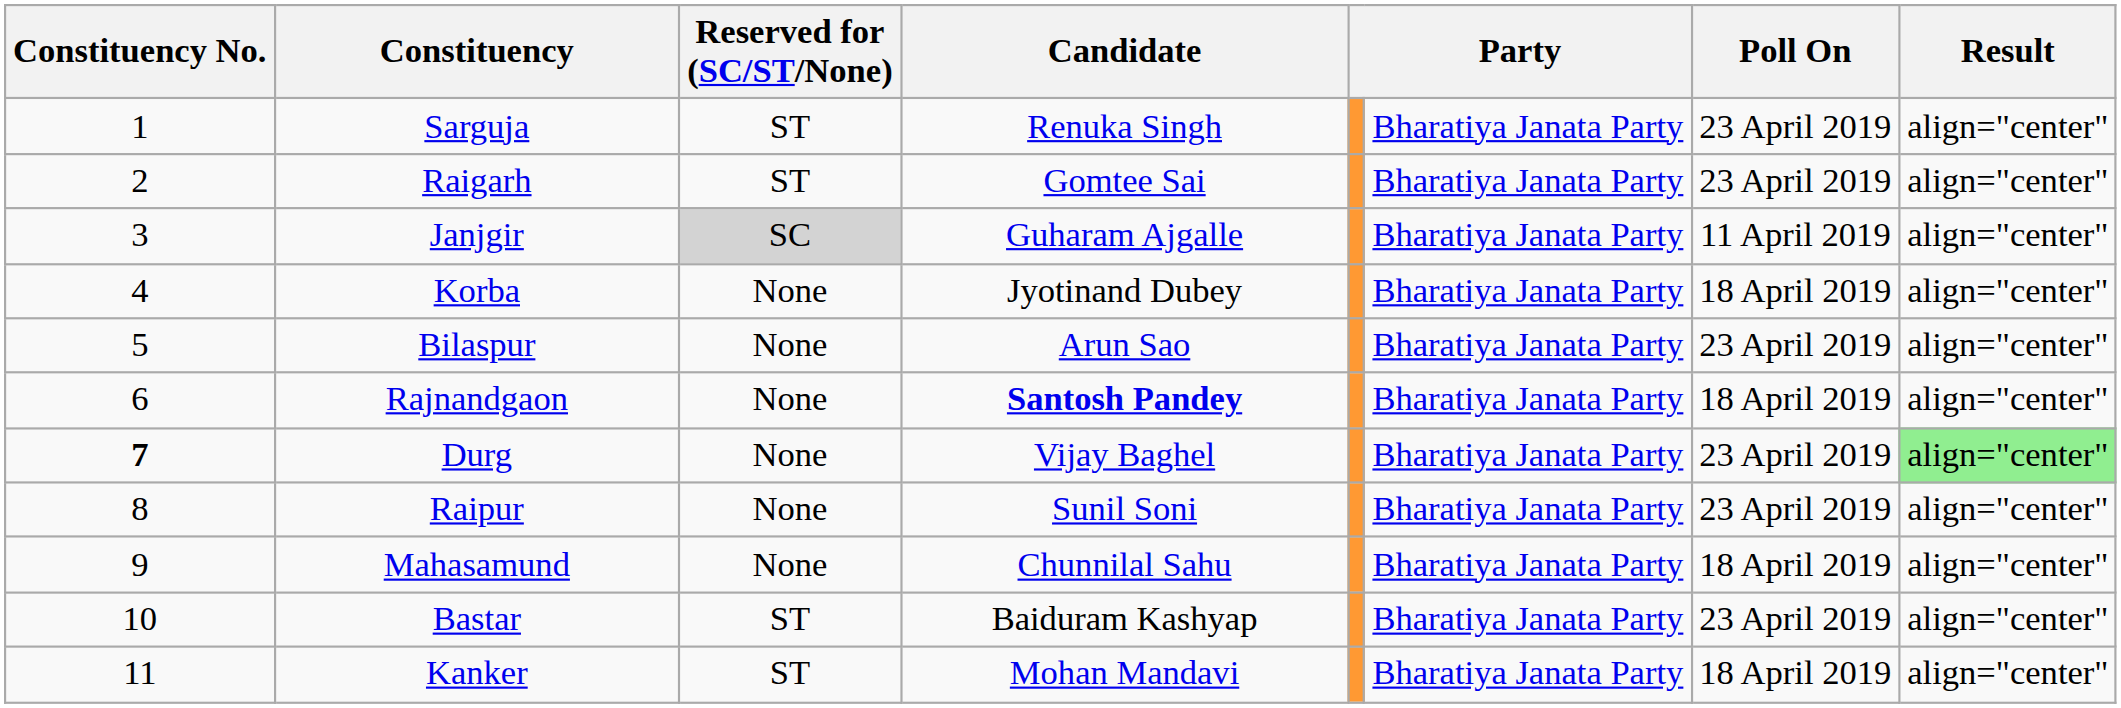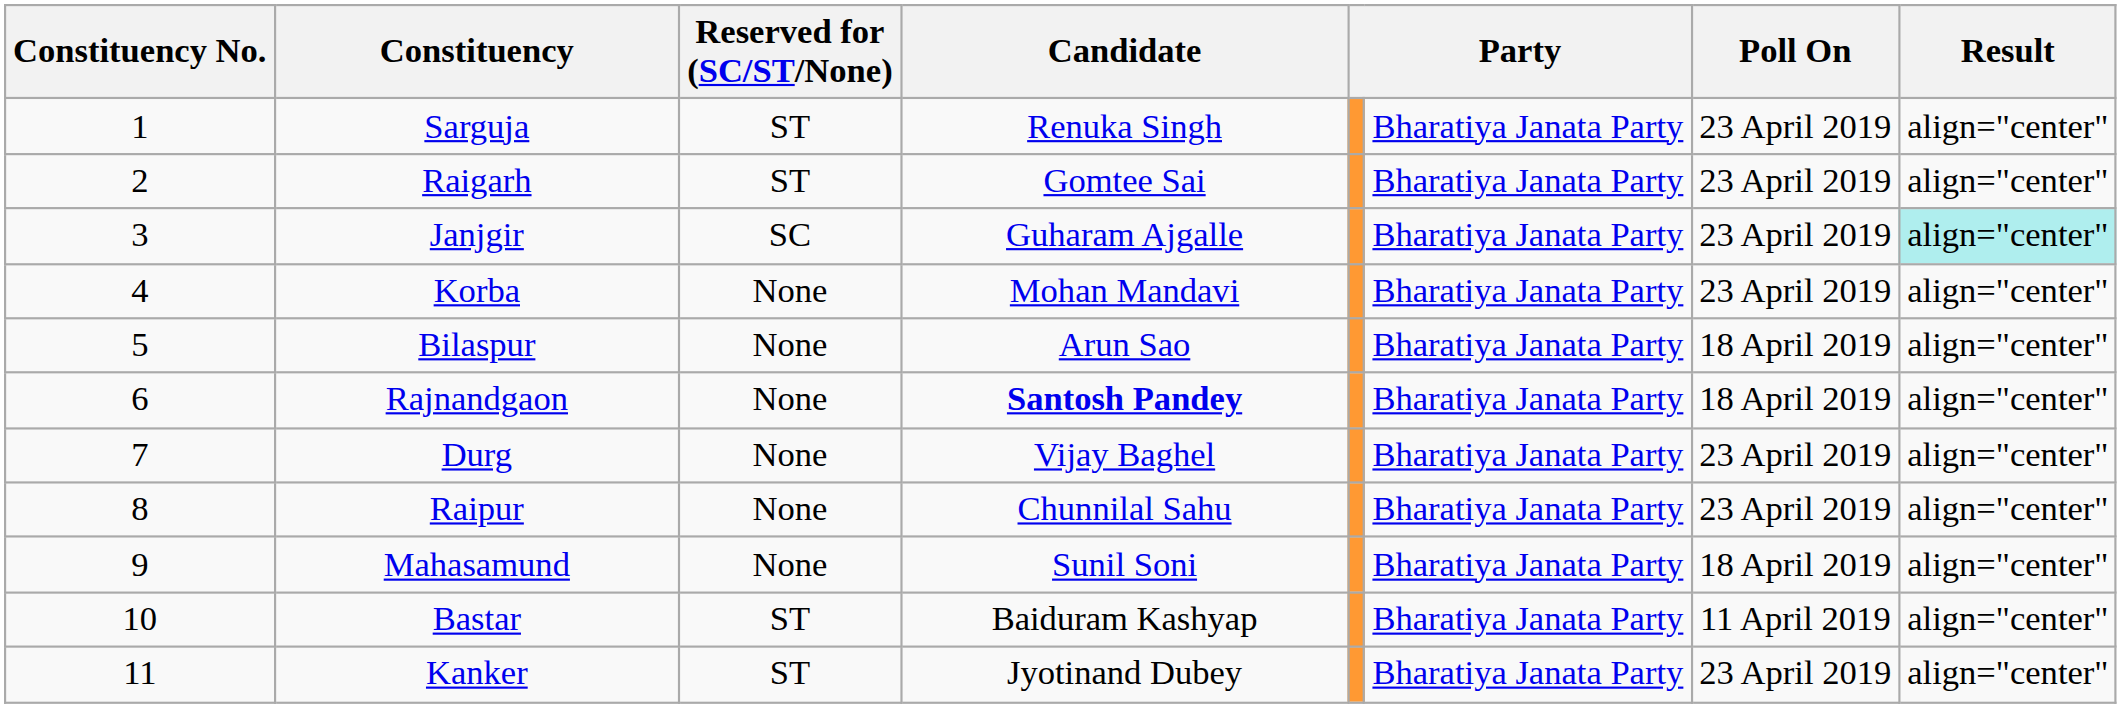 <table class="wikitable sortable" style="text-align:center;">
 <tr>
 <th>Constituency No.</th>
 <th style="width:180px;">Constituency</th>
 <th>Reserved for<br>(<a href='#'>SC/ST</a>/None)</th>
 <th style="width:200px;">Candidate</th>
 <th colspan="2">Party</th>
 <th>Poll On</th>
 <th>Result</th>
 </tr>
 <tr>
 <td align="center">1</td>
 <td><a href='#'>Sarguja</a></td>
 <td align="center">ST</td>
 <td><a href='#'>Renuka Singh</a></td>
 <td bgcolor=#FF9933></td>
 <td><a href='#'>Bharatiya Janata Party</a></td>
 <td align="center">23 April 2019</td>
 <td>align="center" </td>
 </tr>
 <tr>
 <td align="center">2</td>
 <td><a href='#'>Raigarh</a></td>
 <td align="center">ST</td>
 <td><a href='#'>Gomtee Sai</a></td>
 <td bgcolor=#FF9933></td>
 <td><a href='#'>Bharatiya Janata Party</a></td>
 <td align="center">23 April 2019</td>
 <td>align="center" </td>
 </tr>
 <tr>
 <td align="center">3</td>
 <td><a href='#'>Janjgir</a></td>
-<td align="center" style="background: lightgrey;">SC</td>
+<td align="center">SC</td>
 <td><a href='#'>Guharam Ajgalle</a></td>
 <td bgcolor=#FF9933></td>
 <td><a href='#'>Bharatiya Janata Party</a></td>
-<td align="center">11 April 2019</td>
-<td>align="center" </td>
+<td align="center">23 April 2019</td>
+<td style="background: paleturquoise;">align="center" </td>
 </tr>
 <tr>
 <td align="center">4</td>
 <td><a href='#'>Korba</a></td>
 <td align="center">None</td>
-<td>Jyotinand Dubey</td>
+<td><a href='#'>Mohan Mandavi</a></td>
 <td bgcolor=#FF9933></td>
 <td><a href='#'>Bharatiya Janata Party</a></td>
-<td align="center">18 April 2019</td>
+<td align="center">23 April 2019</td>
 <td>align="center" </td>
 </tr>
 <tr>
 <td align="center">5</td>
 <td><a href='#'>Bilaspur</a></td>
 <td align="center">None</td>
 <td><a href='#'>Arun Sao</a></td>
 <td bgcolor=#FF9933></td>
 <td><a href='#'>Bharatiya Janata Party</a></td>
-<td align="center">23 April 2019</td>
+<td align="center">18 April 2019</td>
 <td>align="center" </td>
 </tr>
 <tr>
 <td align="center">6</td>
 <td><a href='#'>Rajnandgaon</a></td>
 <td align="center">None</td>
 <td><strong><a href='#'>Santosh Pandey</a></strong></td>
 <td bgcolor=#FF9933></td>
 <td><a href='#'>Bharatiya Janata Party</a></td>
 <td align="center">18 April 2019</td>
 <td>align="center" </td>
 </tr>
 <tr>
-<td align="center"><strong>7</strong></td>
+<td align="center">7</td>
 <td><a href='#'>Durg</a></td>
 <td align="center">None</td>
 <td><a href='#'>Vijay Baghel</a></td>
 <td bgcolor=#FF9933></td>
 <td><a href='#'>Bharatiya Janata Party</a></td>
 <td align="center">23 April 2019</td>
-<td style="background: lightgreen;">align="center" </td>
+<td>align="center" </td>
 </tr>
 <tr>
 <td align="center">8</td>
 <td><a href='#'>Raipur</a></td>
 <td align="center">None</td>
-<td><a href='#'>Sunil Soni</a></td>
+<td><a href='#'>Chunnilal Sahu</a></td>
 <td bgcolor=#FF9933></td>
 <td><a href='#'>Bharatiya Janata Party</a></td>
 <td align="center">23 April 2019</td>
 <td>align="center" </td>
 </tr>
 <tr>
 <td align="center">9</td>
 <td><a href='#'>Mahasamund</a></td>
 <td align="center">None</td>
-<td><a href='#'>Chunnilal Sahu</a></td>
+<td><a href='#'>Sunil Soni</a></td>
 <td bgcolor=#FF9933></td>
 <td><a href='#'>Bharatiya Janata Party</a></td>
 <td align="center">18 April 2019</td>
 <td>align="center" </td>
 </tr>
 <tr>
 <td align="center">10</td>
 <td><a href='#'>Bastar</a></td>
 <td align="center">ST</td>
 <td>Baiduram Kashyap</td>
 <td bgcolor=#FF9933></td>
 <td><a href='#'>Bharatiya Janata Party</a></td>
-<td align="center">23 April 2019</td>
+<td align="center">11 April 2019</td>
 <td>align="center" </td>
 </tr>
 <tr>
 <td align="center">11</td>
 <td><a href='#'>Kanker</a></td>
 <td align="center">ST</td>
-<td><a href='#'>Mohan Mandavi</a></td>
+<td>Jyotinand Dubey</td>
 <td bgcolor=#FF9933></td>
 <td><a href='#'>Bharatiya Janata Party</a></td>
-<td align="center">18 April 2019</td>
+<td align="center">23 April 2019</td>
 <td>align="center" </td>
 </tr>
 </table>
